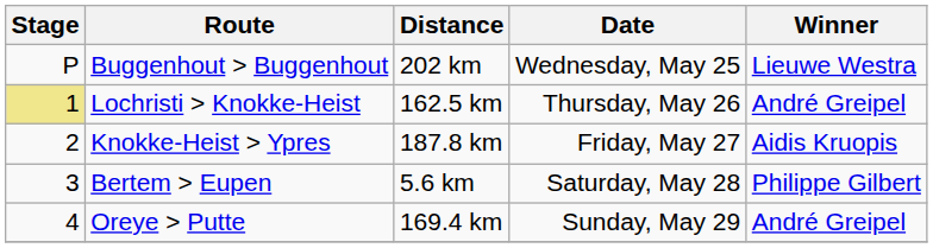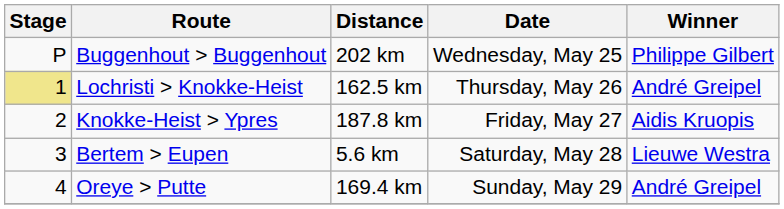 <table class="wikitable">
 <tr>
 <th>Stage</th>
 <th>Route</th>
 <th>Distance</th>
 <th>Date</th>
 <th>Winner</th>
 </tr>
 <tr>
 <td align=right>P</td>
 <td><a href='#'>Buggenhout</a>  > <a href='#'>Buggenhout</a> </td>
 <td>202 km</td>
 <td align=right>Wednesday, May 25</td>
-<td> <a href='#'>Lieuwe Westra</a></td>
+<td> <a href='#'>Philippe Gilbert</a></td>
 </tr>
 <tr>
 <td align=right style="background: khaki;">1</td>
 <td><a href='#'>Lochristi</a>  > <a href='#'>Knokke-Heist</a> </td>
 <td>162.5 km</td>
 <td align=right>Thursday, May 26</td>
 <td> <a href='#'>André Greipel</a></td>
 </tr>
 <tr>
 <td align=right>2</td>
 <td><a href='#'>Knokke-Heist</a>  > <a href='#'>Ypres</a> </td>
 <td>187.8 km</td>
 <td align=right>Friday, May 27</td>
 <td> <a href='#'>Aidis Kruopis</a></td>
 </tr>
 <tr>
 <td align=right>3</td>
 <td><a href='#'>Bertem</a>  > <a href='#'>Eupen</a> </td>
 <td>5.6 km</td>
 <td align=right>Saturday, May 28</td>
-<td> <a href='#'>Philippe Gilbert</a></td>
+<td> <a href='#'>Lieuwe Westra</a></td>
 </tr>
 <tr>
 <td align=right>4</td>
 <td><a href='#'>Oreye</a>  > <a href='#'>Putte</a> </td>
 <td>169.4 km</td>
 <td align=right>Sunday, May 29</td>
 <td> <a href='#'>André Greipel</a></td>
 </tr>
 <tr>
 </tr>
 </table>
